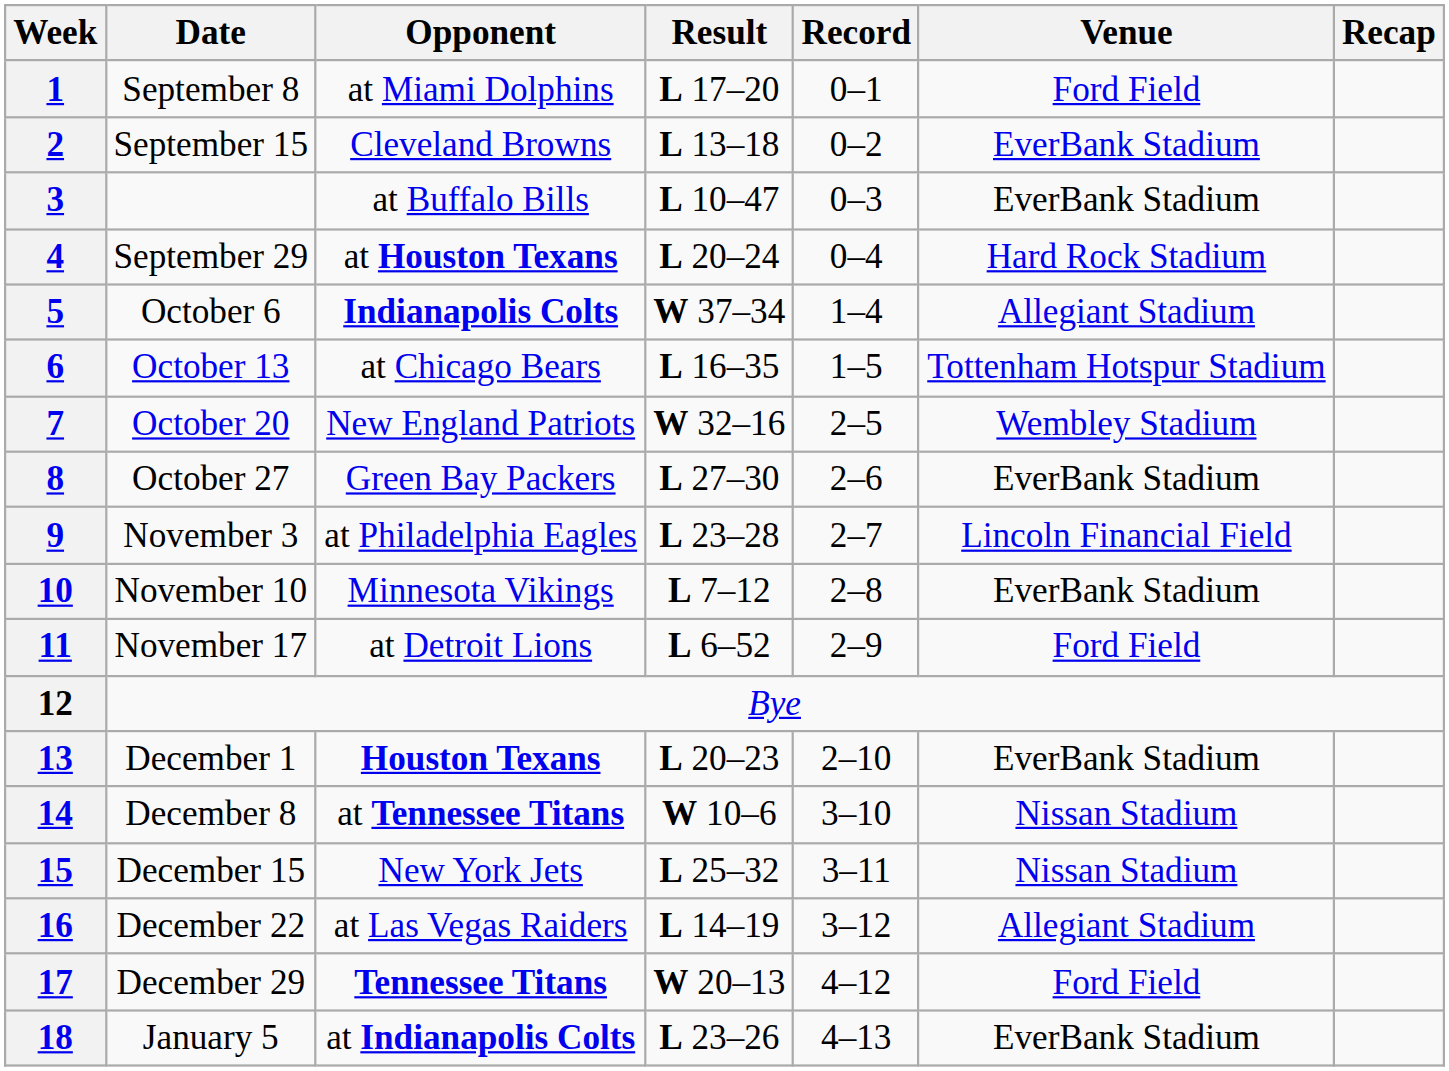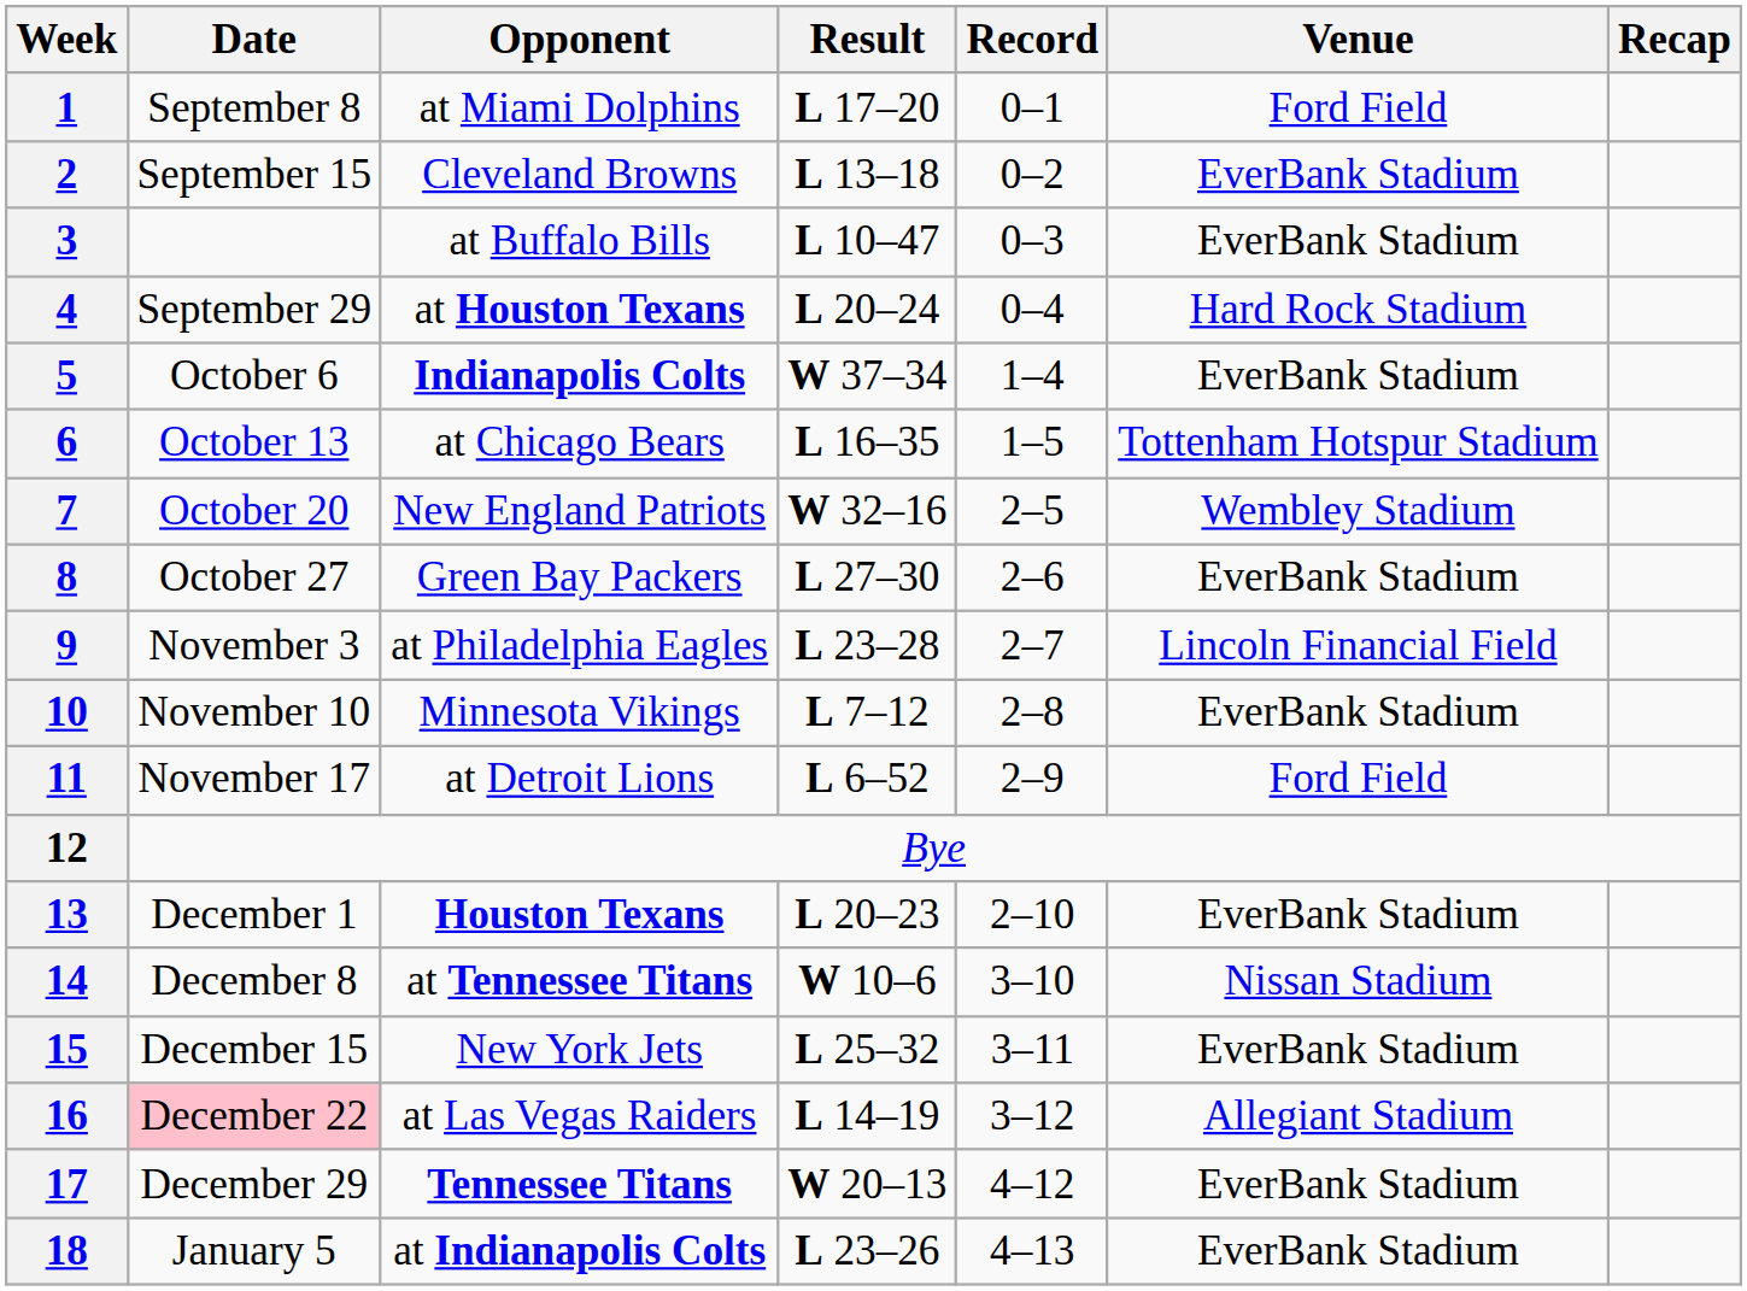 <table class="wikitable" style="text-align:center">
 <tr>
 <th>Week</th>
 <th>Date</th>
 <th>Opponent</th>
 <th>Result</th>
 <th>Record</th>
 <th>Venue</th>
 <th>Recap</th>
 </tr>
 <tr>
 <th><a href='#'>1</a></th>
 <td>September 8</td>
 <td>at <a href='#'>Miami Dolphins</a></td>
 <td><strong>L</strong> 17–20</td>
 <td>0–1</td>
 <td><a href='#'>Ford Field</a></td>
 <td></td>
 </tr>
 <tr>
 <th><a href='#'>2</a></th>
 <td>September 15</td>
 <td><a href='#'>Cleveland Browns</a></td>
 <td><strong>L</strong> 13–18</td>
 <td>0–2</td>
 <td><a href='#'>EverBank Stadium</a></td>
 <td></td>
 </tr>
 <tr>
 <th><a href='#'>3</a></th>
 <td></td>
 <td>at <a href='#'>Buffalo Bills</a></td>
 <td><strong>L</strong> 10–47</td>
 <td>0–3</td>
 <td>EverBank Stadium</td>
 <td></td>
 </tr>
 <tr>
 <th><a href='#'>4</a></th>
 <td>September 29</td>
 <td>at <strong><a href='#'>Houston Texans</a></strong></td>
 <td><strong>L</strong> 20–24</td>
 <td>0–4</td>
 <td><a href='#'>Hard Rock Stadium</a></td>
 <td></td>
 </tr>
 <tr>
 <th><a href='#'>5</a></th>
 <td>October 6</td>
 <td><strong><a href='#'>Indianapolis Colts</a></strong></td>
 <td><strong>W</strong> 37–34</td>
 <td>1–4</td>
-<td><a href='#'>Allegiant Stadium</a></td>
+<td>EverBank Stadium</td>
 <td></td>
 </tr>
 <tr>
 <th><a href='#'>6</a></th>
 <td><a href='#'>October 13</a></td>
 <td>at <a href='#'>Chicago Bears</a></td>
 <td><strong>L</strong> 16–35</td>
 <td>1–5</td>
 <td> <a href='#'>Tottenham Hotspur Stadium</a> </td>
 <td></td>
 </tr>
 <tr>
 <th><a href='#'>7</a></th>
 <td><a href='#'>October 20</a></td>
 <td><a href='#'>New England Patriots</a></td>
 <td><strong>W</strong> 32–16</td>
 <td>2–5</td>
 <td> <a href='#'>Wembley Stadium</a> </td>
 <td></td>
 </tr>
 <tr>
 <th><a href='#'>8</a></th>
 <td>October 27</td>
 <td><a href='#'>Green Bay Packers</a></td>
 <td><strong>L</strong> 27–30</td>
 <td>2–6</td>
 <td>EverBank Stadium</td>
 <td></td>
 </tr>
 <tr>
 <th><a href='#'>9</a></th>
 <td>November 3</td>
 <td>at <a href='#'>Philadelphia Eagles</a></td>
 <td><strong>L</strong> 23–28</td>
 <td>2–7</td>
 <td><a href='#'>Lincoln Financial Field</a></td>
 <td></td>
 </tr>
 <tr>
 <th><a href='#'>10</a></th>
 <td>November 10</td>
 <td><a href='#'>Minnesota Vikings</a></td>
 <td><strong>L</strong> 7–12</td>
 <td>2–8</td>
 <td>EverBank Stadium</td>
 <td></td>
 </tr>
 <tr>
 <th><a href='#'>11</a></th>
 <td>November 17</td>
 <td>at <a href='#'>Detroit Lions</a></td>
 <td><strong>L</strong> 6–52</td>
 <td>2–9</td>
 <td><a href='#'>Ford Field</a></td>
 <td></td>
 </tr>
 <tr>
 <th>12</th>
 <td colspan="6"><em><a href='#'>Bye</a></em></td>
 </tr>
 <tr>
 <th><a href='#'>13</a></th>
 <td>December 1</td>
 <td><strong><a href='#'>Houston Texans</a></strong></td>
 <td><strong>L</strong> 20–23</td>
 <td>2–10</td>
 <td>EverBank Stadium</td>
 <td></td>
 </tr>
 <tr>
 <th><a href='#'>14</a></th>
 <td>December 8</td>
 <td>at <strong><a href='#'>Tennessee Titans</a></strong></td>
 <td><strong>W</strong> 10–6</td>
 <td>3–10</td>
 <td><a href='#'>Nissan Stadium</a></td>
 <td></td>
 </tr>
 <tr>
 <th><a href='#'>15</a></th>
 <td>December 15</td>
 <td><a href='#'>New York Jets</a></td>
 <td><strong>L</strong> 25–32</td>
 <td>3–11</td>
-<td><a href='#'>Nissan Stadium</a></td>
+<td>EverBank Stadium</td>
 <td></td>
 </tr>
 <tr>
 <th><a href='#'>16</a></th>
-<td>December 22</td>
+<td style="background: pink;">December 22</td>
 <td>at <a href='#'>Las Vegas Raiders</a></td>
 <td><strong>L</strong> 14–19</td>
 <td>3–12</td>
 <td><a href='#'>Allegiant Stadium</a></td>
 <td></td>
 </tr>
 <tr>
 <th><a href='#'>17</a></th>
 <td>December 29</td>
 <td><strong><a href='#'>Tennessee Titans</a></strong></td>
 <td><strong>W</strong> 20–13</td>
 <td>4–12</td>
-<td><a href='#'>Ford Field</a></td>
+<td>EverBank Stadium</td>
 <td></td>
 </tr>
 <tr>
 <th><a href='#'>18</a></th>
 <td>January 5</td>
 <td>at <strong><a href='#'>Indianapolis Colts</a></strong></td>
 <td><strong>L</strong> 23–26 </td>
 <td>4–13</td>
 <td>EverBank Stadium</td>
 <td></td>
 </tr>
 </table>
